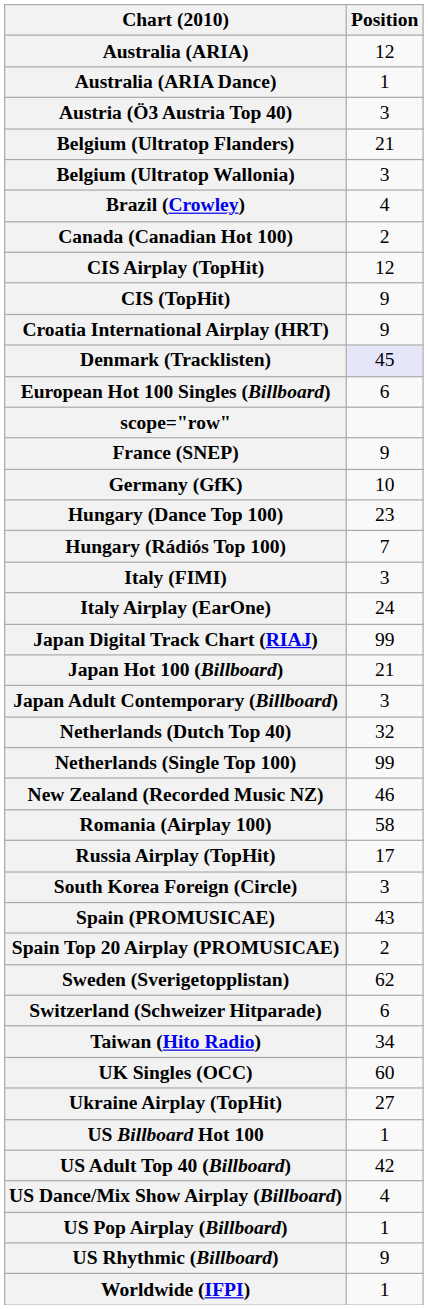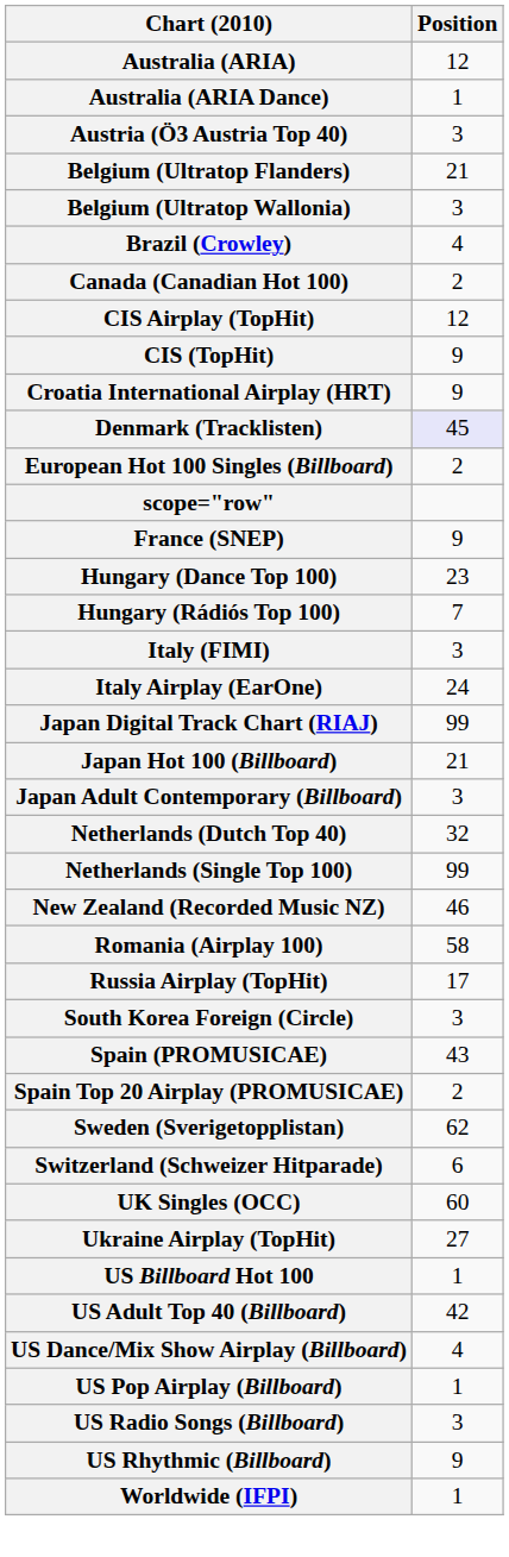 <table class="wikitable sortable plainrowheaders">
 <tr>
 <th scope="col">Chart (2010)</th>
 <th scope="col">Position</th>
 </tr>
 <tr>
 <th scope="row">Australia (ARIA)</th>
 <td style="text-align:center;">12</td>
 </tr>
 <tr>
 <th scope="row">Australia (ARIA Dance)</th>
 <td style="text-align:center;">1</td>
 </tr>
 <tr>
 <th scope="row">Austria (Ö3 Austria Top 40)</th>
 <td style="text-align:center;">3</td>
 </tr>
 <tr>
 <th scope="row">Belgium (Ultratop Flanders)</th>
 <td style="text-align:center;">21</td>
 </tr>
 <tr>
 <th scope="row">Belgium (Ultratop Wallonia)</th>
 <td style="text-align:center;">3</td>
 </tr>
 <tr>
 <th scope="row">Brazil (<a href='#'>Crowley</a>)</th>
 <td style="text-align:center;">4</td>
 </tr>
 <tr>
 <th scope="row">Canada (Canadian Hot 100)</th>
 <td style="text-align:center;">2</td>
 </tr>
 <tr>
 <th scope="row">CIS Airplay (TopHit)</th>
 <td style="text-align:center;">12</td>
 </tr>
 <tr>
 <th scope="row">CIS (TopHit)</th>
 <td style="text-align:center;">9</td>
 </tr>
 <tr>
 <th scope="row">Croatia International Airplay (HRT)</th>
 <td style="text-align:center;">9</td>
 </tr>
 <tr>
 <th scope="row">Denmark (Tracklisten)</th>
 <td style="background: lavender; text-align:center;">45</td>
 </tr>
 <tr>
 <th scope="row">European Hot 100 Singles (<em>Billboard</em>)</th>
-<td style="text-align:center;">6</td>
+<td style="text-align:center;">2</td>
 </tr>
 <tr>
 <th>scope="row" </th>
 </tr>
 <tr>
 <th scope="row">France (SNEP)</th>
 <td style="text-align:center;">9</td>
-</tr>
-<tr>
-<th scope="row">Germany (GfK)</th>
-<td style="text-align:center;">10</td>
 </tr>
 <tr>
 <th scope="row">Hungary (Dance Top 100)</th>
 <td style="text-align:center;">23</td>
 </tr>
 <tr>
 <th scope="row">Hungary (Rádiós Top 100)</th>
 <td style="text-align:center;">7</td>
 </tr>
 <tr>
 <th scope="row">Italy (FIMI)</th>
 <td style="text-align:center;">3</td>
 </tr>
 <tr>
 <th scope="row">Italy Airplay (EarOne)</th>
 <td style="text-align:center;">24</td>
 </tr>
 <tr>
 <th scope="row">Japan Digital Track Chart (<a href='#'>RIAJ</a>)</th>
 <td style="text-align:center;">99</td>
 </tr>
 <tr>
 <th scope="row">Japan Hot 100 (<em>Billboard</em>)</th>
 <td style="text-align:center;">21</td>
 </tr>
 <tr>
 <th scope="row">Japan Adult Contemporary (<em>Billboard</em>)</th>
 <td style="text-align:center;">3</td>
 </tr>
 <tr>
 <th scope="row">Netherlands (Dutch Top 40)</th>
 <td style="text-align:center;">32</td>
 </tr>
 <tr>
 <th scope="row">Netherlands (Single Top 100)</th>
 <td style="text-align:center;">99</td>
 </tr>
 <tr>
 <th scope="row">New Zealand (Recorded Music NZ)</th>
 <td style="text-align:center;">46</td>
 </tr>
 <tr>
 <th scope="row">Romania (Airplay 100)</th>
 <td style="text-align:center;">58</td>
 </tr>
 <tr>
 <th scope="row">Russia Airplay (TopHit)</th>
 <td style="text-align:center;">17</td>
 </tr>
 <tr>
 <th scope="row">South Korea Foreign (Circle)</th>
 <td style="text-align:center;">3</td>
 </tr>
 <tr>
 <th scope="row">Spain (PROMUSICAE)</th>
 <td style="text-align:center;">43</td>
 </tr>
 <tr>
 <th scope="row">Spain Top 20 Airplay (PROMUSICAE)</th>
 <td style="text-align:center;">2</td>
 </tr>
 <tr>
 <th scope="row">Sweden (Sverigetopplistan)</th>
 <td style="text-align:center;">62</td>
 </tr>
 <tr>
 <th scope="row">Switzerland (Schweizer Hitparade)</th>
 <td style="text-align:center;">6</td>
 </tr>
 <tr>
-<th scope="row">Taiwan (<a href='#'>Hito Radio</a>)</th>
-<td style="text-align:center;">34</td>
-</tr>
-<tr>
 <th scope="row">UK Singles (OCC)</th>
 <td style="text-align:center;">60</td>
 </tr>
 <tr>
 <th scope="row">Ukraine Airplay (TopHit)</th>
 <td style="text-align:center;">27</td>
 </tr>
 <tr>
 <th scope="row">US <em>Billboard</em> Hot 100</th>
 <td style="text-align:center;">1</td>
 </tr>
 <tr>
 <th scope="row">US Adult Top 40 (<em>Billboard</em>)</th>
 <td style="text-align:center;">42</td>
 </tr>
 <tr>
 <th scope="row">US Dance/Mix Show Airplay (<em>Billboard</em>)</th>
 <td style="text-align:center;">4</td>
 </tr>
 <tr>
 <th scope="row">US Pop Airplay (<em>Billboard</em>)</th>
 <td style="text-align:center;">1</td>
 </tr>
 <tr>
+<th scope="row">US Radio Songs (<em>Billboard</em>)</th>
+<td style="text-align:center;">3</td>
+</tr>
+<tr>
 <th scope="row">US Rhythmic (<em>Billboard</em>)</th>
 <td style="text-align:center;">9</td>
 </tr>
 <tr>
 <th scope="row">Worldwide (<a href='#'>IFPI</a>)</th>
 <td style="text-align:center;">1</td>
 </tr>
 </table>
